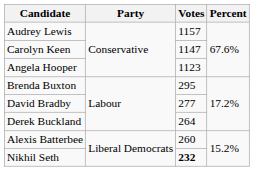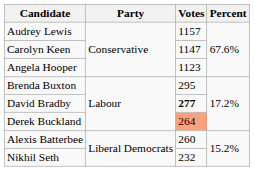 <table class="wikitable">
 <tr>
 <th>Candidate</th>
 <th>Party</th>
 <th>Votes</th>
 <th>Percent</th>
 </tr>
 <tr>
 <td>Audrey Lewis</td>
 <td rowspan="3">Conservative</td>
 <td>1157</td>
 <td rowspan="3">67.6%</td>
 </tr>
 <tr>
 <td>Carolyn Keen</td>
 <td>1147</td>
 </tr>
 <tr>
 <td>Angela Hooper</td>
 <td>1123</td>
 </tr>
 <tr>
 <td>Brenda Buxton</td>
 <td rowspan="3">Labour</td>
 <td>295</td>
 <td rowspan="3">17.2%</td>
 </tr>
 <tr>
 <td>David Bradby</td>
-<td>277</td>
+<td><strong>277</strong></td>
 </tr>
 <tr>
 <td>Derek Buckland</td>
-<td>264</td>
+<td style="background: lightsalmon;">264</td>
 </tr>
 <tr>
 <td>Alexis Batterbee</td>
 <td rowspan="2">Liberal Democrats</td>
 <td>260</td>
 <td rowspan="2">15.2%</td>
 </tr>
 <tr>
 <td>Nikhil Seth</td>
-<td><strong>232</strong></td>
+<td>232</td>
 </tr>
 </table>
